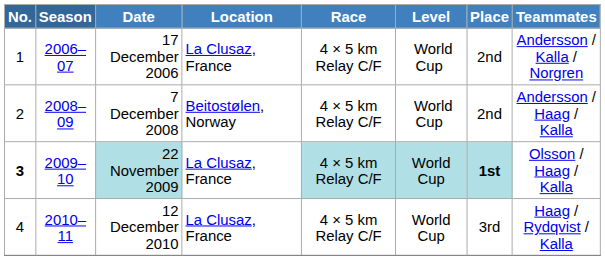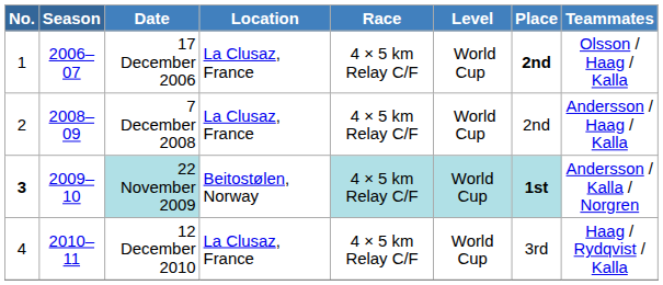 <table class="wikitable sortable" style="font-size:95%; text-align:center; border:grey solid 1px; border-collapse:collapse; background:#ffffff;">
 <tr style="background:#efefef;">
 <th style="background-color:#369; color:white;">No.</th>
 <th style="background-color:#369; color:white;">Season</th>
 <th style="background-color:#4180be; color:white; width:100px;">Date</th>
 <th style="background-color:#4180be; color:white; width:170px;">Location</th>
 <th style="background-color:#4180be; color:white; width:170px;">Race</th>
 <th style="background-color:#4180be; color:white; width:100px;">Level</th>
 <th style="background-color:#4180be; color:white;">Place</th>
 <th style="background-color:#4180be; color:white;">Teammates</th>
 </tr>
 <tr>
 <td align=center>1</td>
 <td rowspan=1 align=center><a href='#'>2006–07</a></td>
 <td align=right>17 December 2006</td>
 <td align=left> <a href='#'>La Clusaz</a>, France</td>
 <td>4 × 5 km Relay C/F</td>
 <td> World Cup </td>
-<td>2nd</td>
-<td><a href='#'>Andersson</a> / <a href='#'>Kalla</a> / <a href='#'>Norgren</a></td>
+<td><strong>2nd</strong></td>
+<td><a href='#'>Olsson</a> / <a href='#'>Haag</a> / <a href='#'>Kalla</a></td>
 </tr>
 <tr>
 <td align=center>2</td>
 <td rowspan=1 align=center><a href='#'>2008–09</a></td>
 <td align=right>7 December 2008</td>
-<td align=left> <a href='#'>Beitostølen</a>, Norway</td>
+<td align=left> <a href='#'>La Clusaz</a>, France</td>
 <td>4 × 5 km Relay C/F</td>
 <td> World Cup </td>
 <td>2nd</td>
 <td><a href='#'>Andersson</a> / <a href='#'>Haag</a> / <a href='#'>Kalla</a></td>
 </tr>
 <tr>
 <td align=center><strong>3</strong></td>
 <td rowspan=1 align=center><a href='#'>2009–10</a></td>
 <td bgcolor="#BOEOE6" align=right>22 November 2009</td>
-<td align=left> <a href='#'>La Clusaz</a>, France</td>
+<td align=left> <a href='#'>Beitostølen</a>, Norway</td>
 <td bgcolor="#BOEOE6">4 × 5 km Relay C/F</td>
 <td bgcolor="#BOEOE6">World Cup</td>
 <td bgcolor="#BOEOE6"><strong>1st</strong></td>
-<td><a href='#'>Olsson</a> / <a href='#'>Haag</a> / <a href='#'>Kalla</a></td>
+<td><a href='#'>Andersson</a> / <a href='#'>Kalla</a> / <a href='#'>Norgren</a></td>
 </tr>
 <tr>
 <td align=center>4</td>
 <td rowspan=1 align=center><a href='#'>2010–11</a></td>
 <td align=right>12 December 2010</td>
 <td align=left> <a href='#'>La Clusaz</a>, France</td>
 <td>4 × 5 km Relay C/F</td>
 <td>World Cup</td>
 <td>3rd</td>
 <td><a href='#'>Haag</a> / <a href='#'>Rydqvist</a> / <a href='#'>Kalla</a></td>
 </tr>
 <tr>
 </tr>
 </table>
